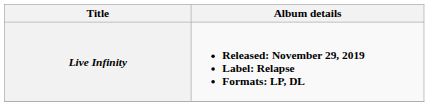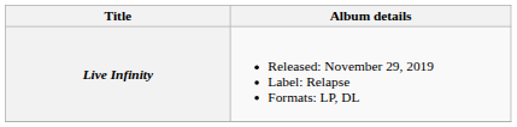 <table class ="wikitable plainrowheaders">
 <tr>
 <th style="width:16em;">Title</th>
 <th style="width:20em;">Album details</th>
 </tr>
 <tr>
 <th scope="Row"><em>Live Infinity</em></th>
-<td><strong><br><ul><li>Released: November 29, 2019</li><li>Label: Relapse</li><li>Formats: LP, DL</li></ul></strong></td>
+<td><br><ul><li>Released: November 29, 2019</li><li>Label: Relapse</li><li>Formats: LP, DL</li></ul></td>
 </tr>
 <tr>
 </tr>
 </table>
